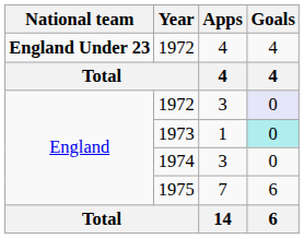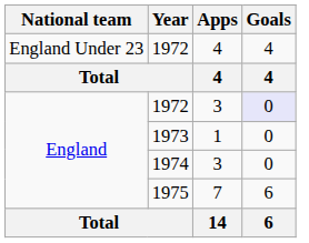 <table class="wikitable" style="text-align:center">
 <tr>
 <th>National team</th>
 <th>Year</th>
 <th>Apps</th>
 <th>Goals</th>
 </tr>
 <tr>
-<td><strong>England Under 23</strong></td>
+<td>England Under 23</td>
 <td>1972</td>
 <td>4</td>
 <td>4</td>
 </tr>
 <tr>
 <th colspan="2">Total</th>
 <th>4</th>
 <th>4</th>
 </tr>
 <tr>
 <td rowspan="4"><a href='#'>England</a></td>
 <td>1972</td>
 <td>3</td>
 <td style="background: lavender;">0</td>
 </tr>
 <tr>
 <td>1973</td>
 <td>1</td>
-<td style="background: paleturquoise;">0</td>
+<td>0</td>
 </tr>
 <tr>
 <td>1974</td>
 <td>3</td>
 <td>0</td>
 </tr>
 <tr>
 <td>1975</td>
 <td>7</td>
 <td>6</td>
 </tr>
 <tr>
 <th colspan="2">Total</th>
 <th>14</th>
 <th>6</th>
 </tr>
 </table>
